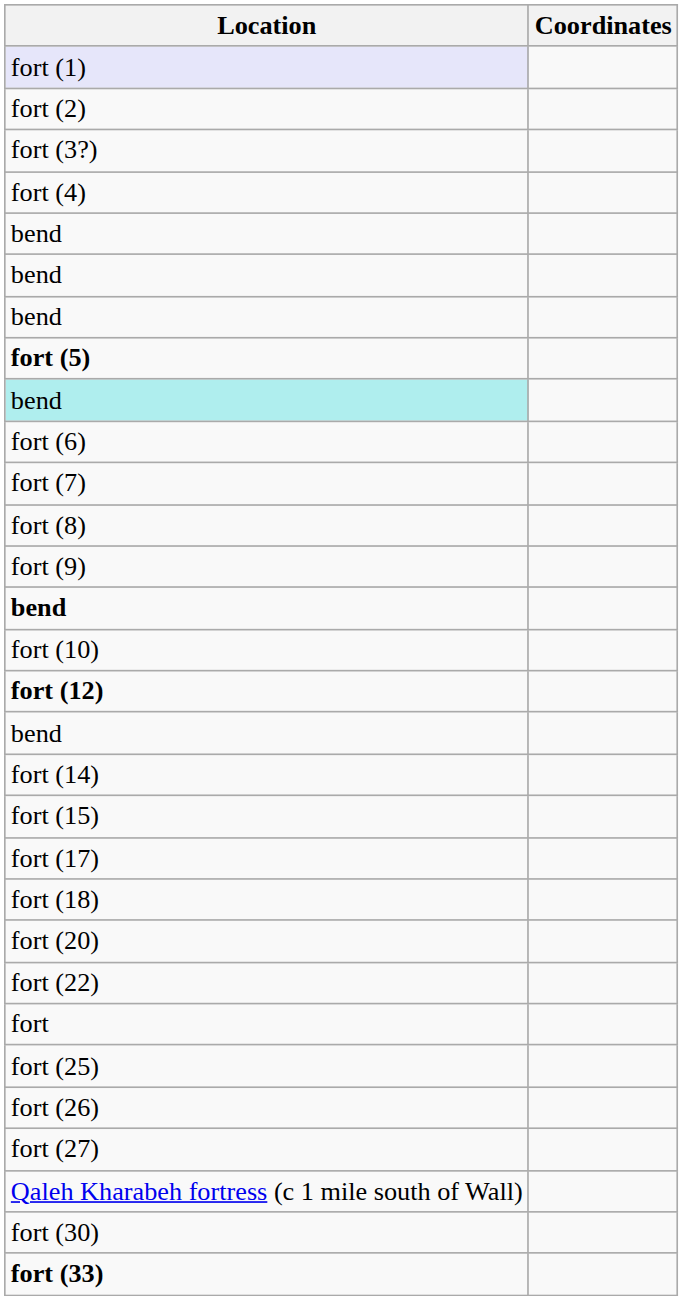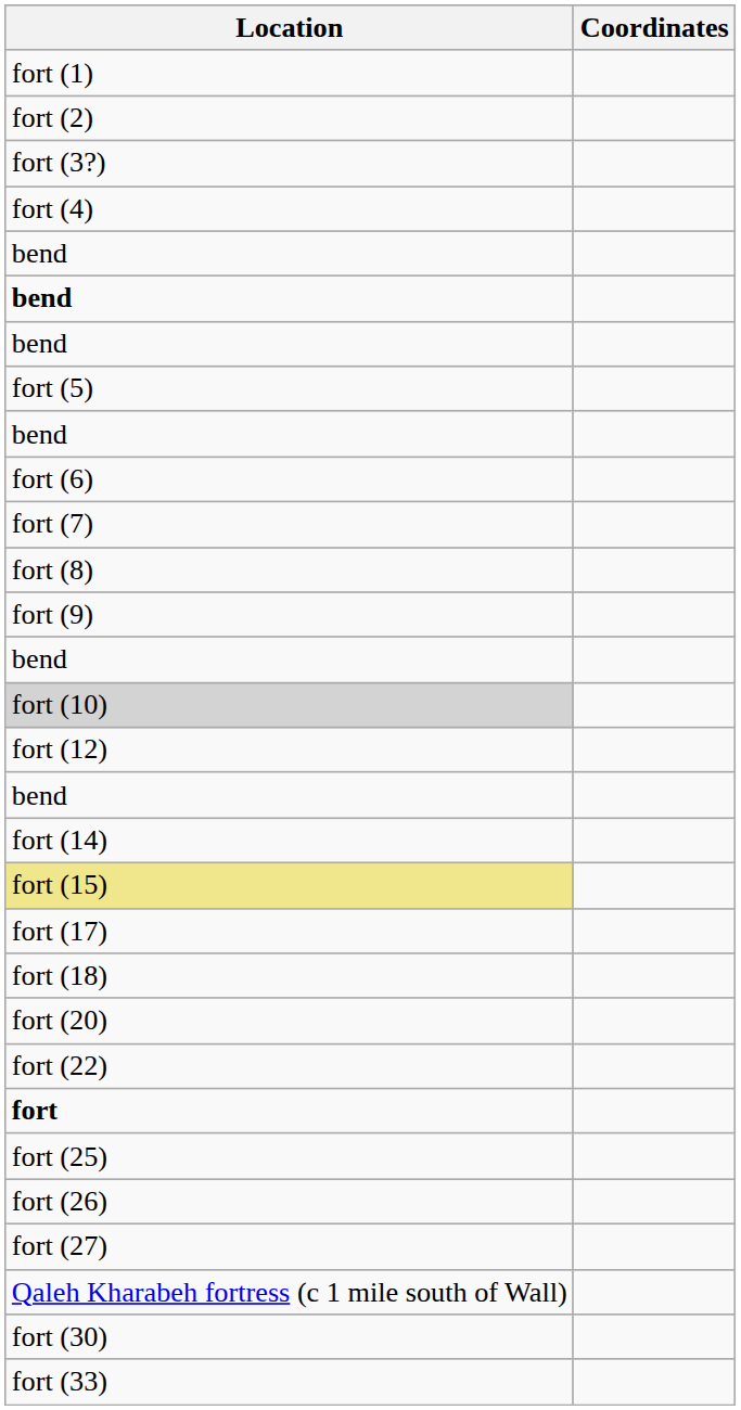 <table class="wikitable">
 <tr>
 <th>Location</th>
 <th>Coordinates</th>
 </tr>
 <tr>
-<td style="background: lavender;">fort (1)</td>
+<td>fort (1)</td>
 <td></td>
 </tr>
 <tr>
 <td>fort (2)</td>
 <td></td>
 </tr>
 <tr>
 <td>fort (3?)</td>
 <td></td>
 </tr>
 <tr>
 <td>fort (4)</td>
 <td></td>
 </tr>
 <tr>
 <td>bend</td>
 <td></td>
 </tr>
 <tr>
-<td>bend</td>
+<td><strong>bend</strong></td>
 <td></td>
 </tr>
 <tr>
 <td>bend</td>
 <td></td>
 </tr>
 <tr>
-<td><strong>fort (5)</strong></td>
+<td>fort (5)</td>
 <td></td>
 </tr>
 <tr>
-<td style="background: paleturquoise;">bend</td>
+<td>bend</td>
 <td></td>
 </tr>
 <tr>
 <td>fort (6)</td>
 <td></td>
 </tr>
 <tr>
 <td>fort (7)</td>
 <td></td>
 </tr>
 <tr>
 <td>fort (8)</td>
 <td></td>
 </tr>
 <tr>
 <td>fort (9)</td>
 <td></td>
 </tr>
 <tr>
-<td><strong>bend</strong></td>
+<td>bend</td>
 <td></td>
 </tr>
 <tr>
-<td>fort (10)</td>
+<td style="background: lightgrey;">fort (10)</td>
 <td></td>
 </tr>
 <tr>
-<td><strong>fort (12)</strong></td>
+<td>fort (12)</td>
 <td></td>
 </tr>
 <tr>
 <td>bend</td>
 <td></td>
 </tr>
 <tr>
 <td>fort (14)</td>
 <td></td>
 </tr>
 <tr>
-<td>fort (15)</td>
+<td style="background: khaki;">fort (15)</td>
 <td></td>
 </tr>
 <tr>
 <td>fort (17)</td>
 <td></td>
 </tr>
 <tr>
 <td>fort (18)</td>
 <td></td>
 </tr>
 <tr>
 <td>fort (20)</td>
 <td></td>
 </tr>
 <tr>
 <td>fort (22)</td>
 <td></td>
 </tr>
 <tr>
-<td>fort</td>
+<td><strong>fort</strong></td>
 <td></td>
 </tr>
 <tr>
 <td>fort (25)</td>
 <td></td>
 </tr>
 <tr>
 <td>fort (26)</td>
 <td></td>
 </tr>
 <tr>
 <td>fort (27)</td>
 <td></td>
 </tr>
 <tr>
 <td><a href='#'>Qaleh Kharabeh fortress</a> (c 1 mile south of Wall)</td>
 <td></td>
 </tr>
 <tr>
 <td>fort (30)</td>
 <td></td>
 </tr>
 <tr>
-<td><strong>fort (33)</strong></td>
+<td>fort (33)</td>
 <td></td>
 </tr>
 </table>
